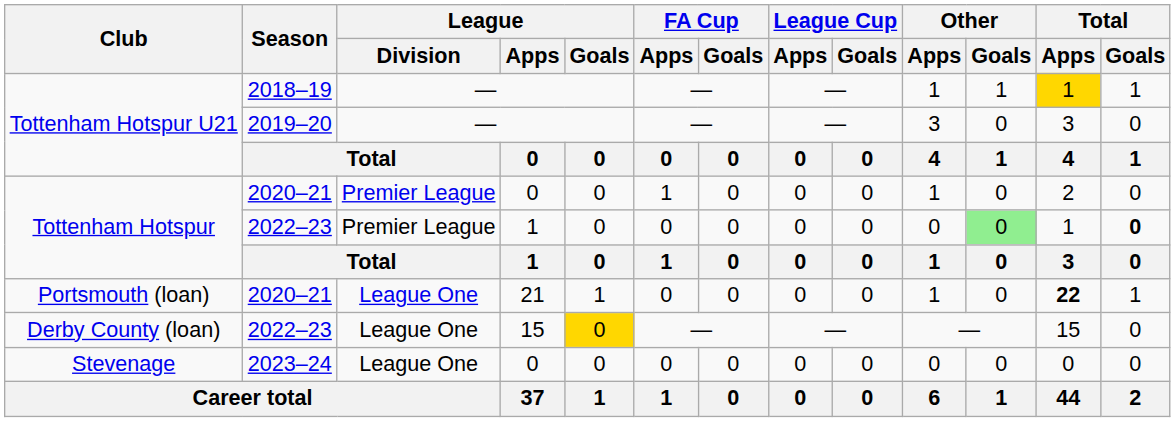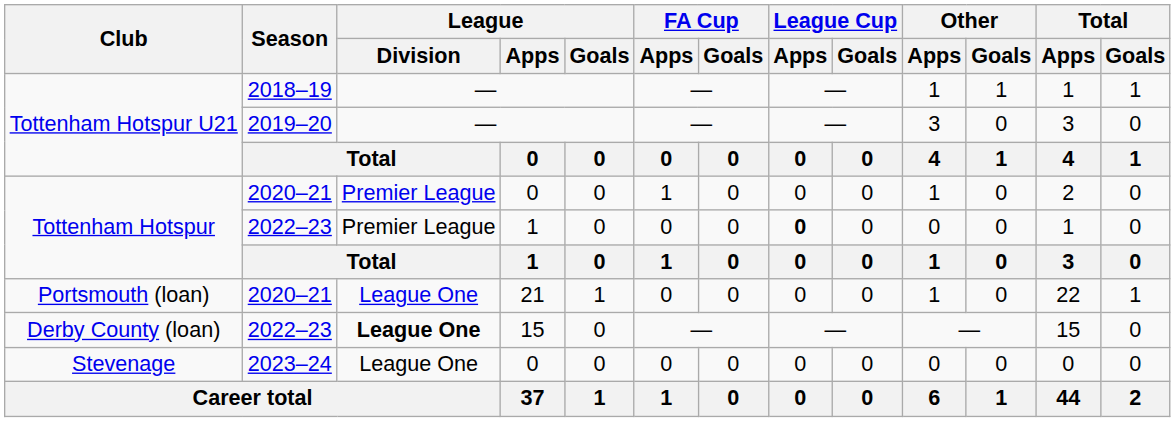 <table class="wikitable" style="text-align:center">
 <tr>
 <th rowspan="2">Club</th>
 <th rowspan="2">Season</th>
 <th colspan="3">League</th>
 <th colspan="2"><a href='#'>FA Cup</a></th>
 <th colspan="2"><a href='#'>League Cup</a></th>
 <th colspan="2">Other</th>
 <th colspan="2">Total</th>
 </tr>
 <tr>
 <th>Division</th>
 <th>Apps</th>
 <th>Goals</th>
 <th>Apps</th>
 <th>Goals</th>
 <th>Apps</th>
 <th>Goals</th>
 <th>Apps</th>
 <th>Goals</th>
 <th>Apps</th>
 <th>Goals</th>
 </tr>
 <tr>
 <td rowspan="3"><a href='#'>Tottenham Hotspur U21</a></td>
 <td><a href='#'>2018–19</a></td>
 <td colspan="3">—</td>
 <td colspan="2">—</td>
 <td colspan="2">—</td>
 <td>1</td>
 <td>1</td>
-<td style="background: gold;">1</td>
+<td>1</td>
 <td>1</td>
 </tr>
 <tr>
 <td><a href='#'>2019–20</a></td>
 <td colspan="3">—</td>
 <td colspan="2">—</td>
 <td colspan="2">—</td>
 <td>3</td>
 <td>0</td>
 <td>3</td>
 <td>0</td>
 </tr>
 <tr>
 <th colspan="2">Total</th>
 <th>0</th>
 <th>0</th>
 <th>0</th>
 <th>0</th>
 <th>0</th>
 <th>0</th>
 <th>4</th>
 <th>1</th>
 <th>4</th>
 <th>1</th>
 </tr>
 <tr>
 <td rowspan="3"><a href='#'>Tottenham Hotspur</a></td>
 <td><a href='#'>2020–21</a></td>
 <td><a href='#'>Premier League</a></td>
 <td>0</td>
 <td>0</td>
 <td>1</td>
 <td>0</td>
 <td>0</td>
 <td>0</td>
 <td>1</td>
 <td>0</td>
 <td>2</td>
 <td>0</td>
 </tr>
 <tr>
 <td><a href='#'>2022–23</a></td>
 <td>Premier League</td>
 <td>1</td>
 <td>0</td>
 <td>0</td>
 <td>0</td>
+<td><strong>0</strong></td>
 <td>0</td>
 <td>0</td>
 <td>0</td>
-<td style="background: lightgreen;">0</td>
 <td>1</td>
-<td><strong>0</strong></td>
+<td>0</td>
 </tr>
 <tr>
 <th colspan="2">Total</th>
 <th>1</th>
 <th>0</th>
 <th>1</th>
 <th>0</th>
 <th>0</th>
 <th>0</th>
 <th>1</th>
 <th>0</th>
 <th>3</th>
 <th>0</th>
 </tr>
 <tr>
 <td><a href='#'>Portsmouth</a> (loan)</td>
 <td><a href='#'>2020–21</a></td>
 <td><a href='#'>League One</a></td>
 <td>21</td>
 <td>1</td>
 <td>0</td>
 <td>0</td>
 <td>0</td>
 <td>0</td>
 <td>1</td>
 <td>0</td>
-<td><strong>22</strong></td>
+<td>22</td>
 <td>1</td>
 </tr>
 <tr>
 <td><a href='#'>Derby County</a> (loan)</td>
 <td><a href='#'>2022–23</a></td>
-<td>League One</td>
+<td><strong>League One</strong></td>
 <td>15</td>
-<td style="background: gold;">0</td>
+<td>0</td>
 <td colspan=2>—</td>
 <td colspan=2>—</td>
 <td colspan=2>—</td>
 <td>15</td>
 <td>0</td>
 </tr>
 <tr>
 <td><a href='#'>Stevenage</a></td>
 <td><a href='#'>2023–24</a></td>
 <td>League One</td>
 <td>0</td>
 <td>0</td>
 <td>0</td>
 <td>0</td>
 <td>0</td>
 <td>0</td>
 <td>0</td>
 <td>0</td>
 <td>0</td>
 <td>0</td>
 </tr>
 <tr>
 <th colspan="3">Career total</th>
 <th>37</th>
 <th>1</th>
 <th>1</th>
 <th>0</th>
 <th>0</th>
 <th>0</th>
 <th>6</th>
 <th>1</th>
 <th>44</th>
 <th>2</th>
 </tr>
 </table>
